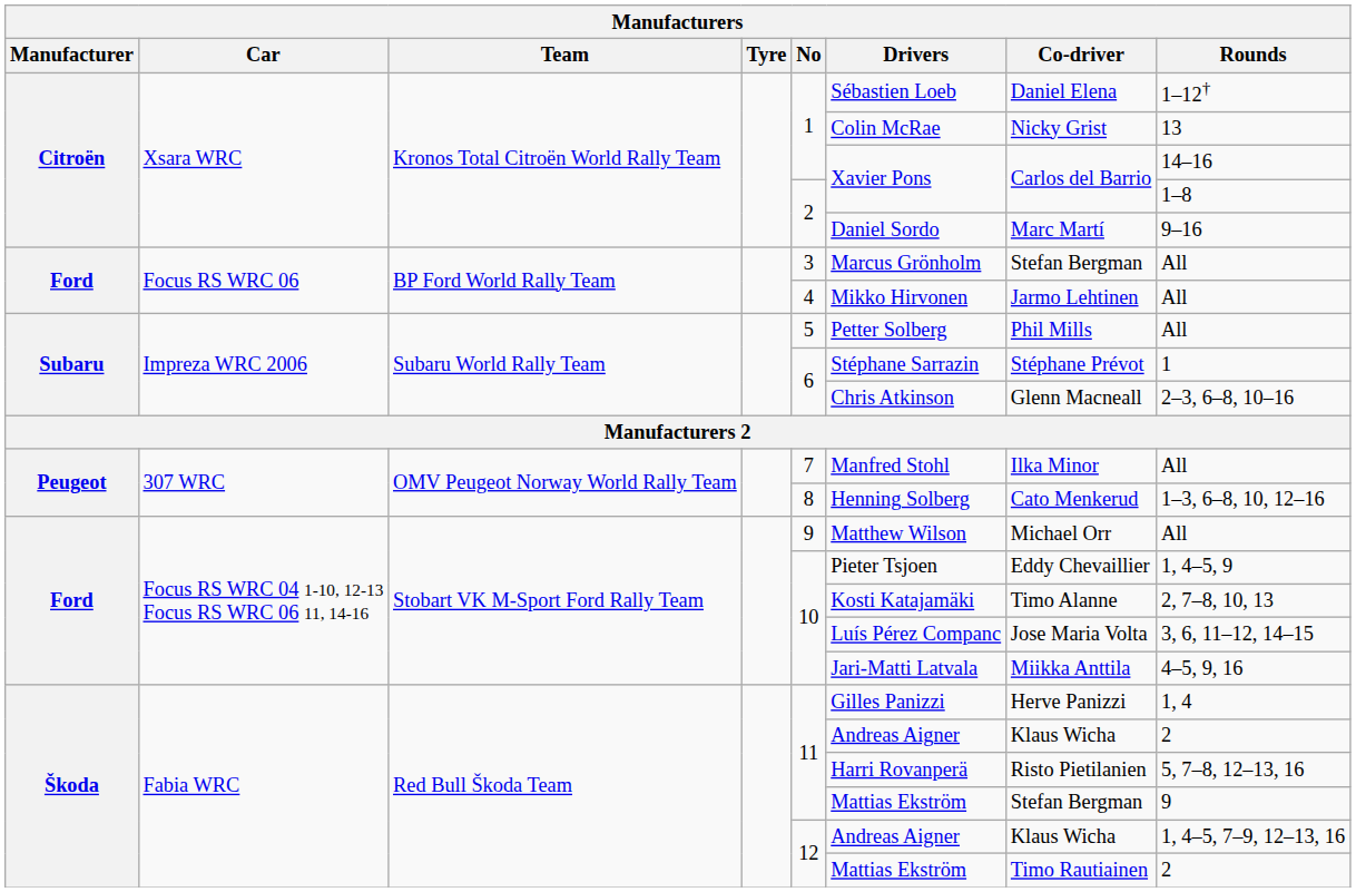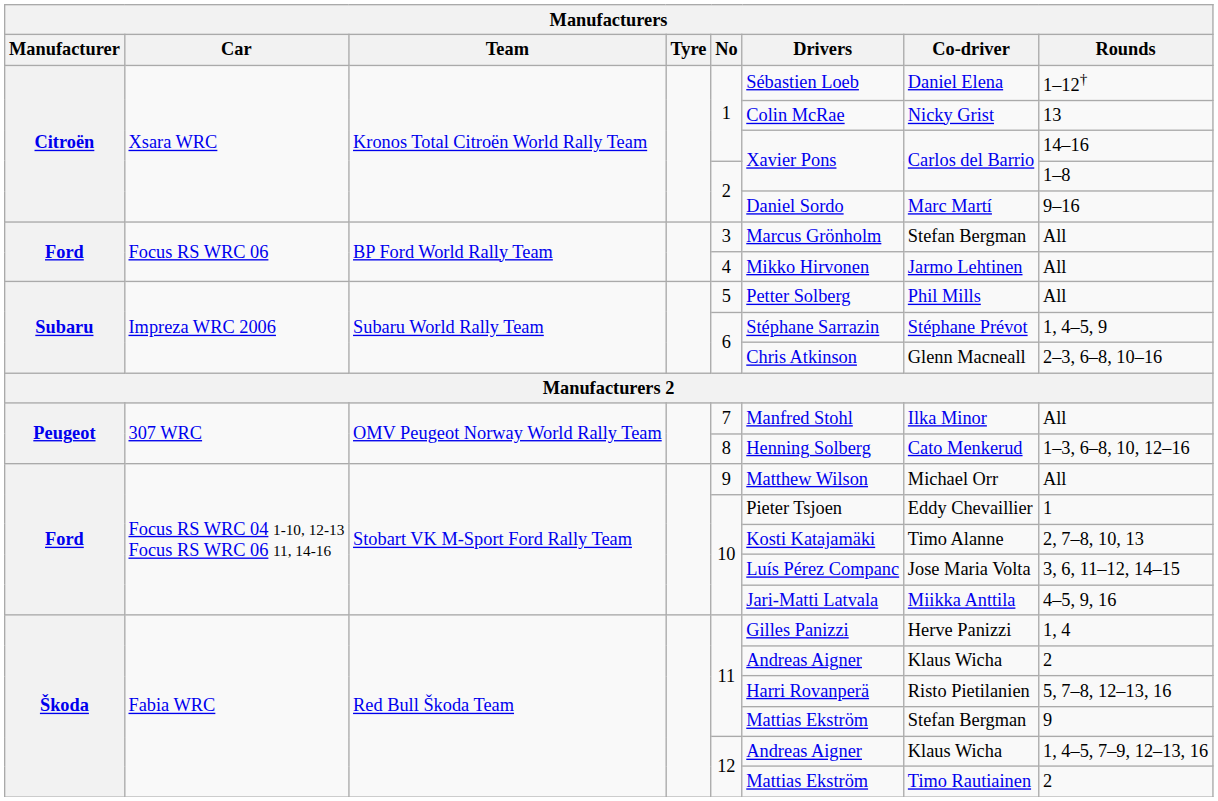 <table class="wikitable" style="font-size: 85%">
 <tr>
 <th colspan=10>Manufacturers</th>
 </tr>
 <tr>
 <th>Manufacturer</th>
 <th>Car</th>
 <th>Team</th>
 <th>Tyre</th>
 <th>No</th>
 <th>Drivers</th>
 <th>Co-driver</th>
 <th>Rounds</th>
 </tr>
 <tr>
 <th rowspan="5"><a href='#'>Citroën</a></th>
 <td rowspan="5"><a href='#'>Xsara WRC</a></td>
 <td rowspan="5"> <a href='#'>Kronos Total Citroën World Rally Team</a></td>
 <td rowspan="5" align="center"></td>
 <td align="center" rowspan="3">1</td>
 <td> <a href='#'>Sébastien Loeb</a></td>
 <td> <a href='#'>Daniel Elena</a></td>
 <td>1–12<sup>†</sup></td>
 </tr>
 <tr>
 <td> <a href='#'>Colin McRae</a></td>
 <td> <a href='#'>Nicky Grist</a></td>
 <td>13</td>
 </tr>
 <tr>
 <td rowspan=2> <a href='#'>Xavier Pons</a></td>
 <td rowspan="2"> <a href='#'>Carlos del Barrio</a></td>
 <td>14–16</td>
 </tr>
 <tr>
 <td align="center" rowspan="2">2</td>
 <td>1–8</td>
 </tr>
 <tr>
 <td> <a href='#'>Daniel Sordo</a></td>
 <td> <a href='#'>Marc Martí</a></td>
 <td>9–16</td>
 </tr>
 <tr>
 <th rowspan="2"><a href='#'>Ford</a></th>
 <td rowspan="2"><a href='#'>Focus RS WRC 06</a></td>
 <td rowspan="2"> <a href='#'>BP Ford World Rally Team</a></td>
 <td rowspan="2" align="center"></td>
 <td align="center">3</td>
 <td> <a href='#'>Marcus Grönholm</a></td>
 <td> Stefan Bergman</td>
 <td>All</td>
 </tr>
 <tr>
 <td align="center">4</td>
 <td> <a href='#'>Mikko Hirvonen</a></td>
 <td> <a href='#'>Jarmo Lehtinen</a></td>
 <td>All</td>
 </tr>
 <tr>
 <th rowspan="3"><a href='#'>Subaru</a></th>
 <td rowspan="3"><a href='#'>Impreza WRC 2006</a></td>
 <td rowspan="3"> <a href='#'>Subaru World Rally Team</a></td>
 <td rowspan="3" align="center"></td>
 <td align="center">5</td>
 <td> <a href='#'>Petter Solberg</a></td>
 <td> <a href='#'>Phil Mills</a></td>
 <td>All</td>
 </tr>
 <tr>
 <td align="center" rowspan="2">6</td>
 <td> <a href='#'>Stéphane Sarrazin</a></td>
 <td nowrap> <a href='#'>Stéphane Prévot</a></td>
-<td>1</td>
+<td>1, 4–5, 9</td>
 </tr>
 <tr>
 <td> <a href='#'>Chris Atkinson</a></td>
 <td> Glenn Macneall</td>
 <td>2–3, 6–8, 10–16</td>
 </tr>
 <tr>
 <th colspan="11">Manufacturers 2</th>
 </tr>
 <tr>
 <th rowspan="2"><a href='#'>Peugeot</a></th>
 <td rowspan="2"><a href='#'>307 WRC</a></td>
 <td rowspan="2" nowrap> <a href='#'>OMV Peugeot Norway World Rally Team</a></td>
 <td rowspan="2" align="center"></td>
 <td align="center">7</td>
 <td> <a href='#'>Manfred Stohl</a></td>
 <td> <a href='#'>Ilka Minor</a></td>
 <td>All</td>
 </tr>
 <tr>
 <td align="center">8</td>
 <td> <a href='#'>Henning Solberg</a></td>
 <td> <a href='#'>Cato Menkerud</a></td>
 <td nowrap>1–3, 6–8, 10, 12–16</td>
 </tr>
 <tr>
 <th rowspan="5"><a href='#'>Ford</a></th>
 <td rowspan="5" nowrap><a href='#'>Focus RS WRC 04</a> <small>1-10, 12-13</small><br><a href='#'>Focus RS WRC 06</a> <small>11, 14-16</small></td>
 <td rowspan="5"> <a href='#'>Stobart VK M-Sport Ford Rally Team</a></td>
 <td rowspan="5" align="center"></td>
 <td align="center">9</td>
 <td> <a href='#'>Matthew Wilson</a></td>
 <td> Michael Orr</td>
 <td>All</td>
 </tr>
 <tr>
 <td align="center" rowspan="4">10</td>
 <td> Pieter Tsjoen</td>
 <td> Eddy Chevaillier</td>
-<td>1, 4–5, 9</td>
+<td>1</td>
 </tr>
 <tr>
 <td> <a href='#'>Kosti Katajamäki</a></td>
 <td> Timo Alanne</td>
 <td>2, 7–8, 10, 13</td>
 </tr>
 <tr>
 <td nowrap> <a href='#'>Luís Pérez Companc</a></td>
 <td nowrap> Jose Maria Volta</td>
 <td nowrap>3, 6, 11–12, 14–15</td>
 </tr>
 <tr>
 <td> <a href='#'>Jari-Matti Latvala</a></td>
 <td> <a href='#'>Miikka Anttila</a></td>
 <td>4–5, 9, 16</td>
 </tr>
 <tr>
 <th rowspan="6"><a href='#'>Škoda</a></th>
 <td rowspan="6"><a href='#'>Fabia WRC</a></td>
 <td rowspan="6"> <a href='#'>Red Bull Škoda Team</a></td>
 <td rowspan="6" align="center"></td>
 <td align="center" rowspan="4">11</td>
 <td> <a href='#'>Gilles Panizzi</a></td>
 <td> Herve Panizzi</td>
 <td>1, 4</td>
 </tr>
 <tr>
 <td> <a href='#'>Andreas Aigner</a></td>
 <td> Klaus Wicha</td>
 <td>2</td>
 </tr>
 <tr>
 <td> <a href='#'>Harri Rovanperä</a></td>
 <td> Risto Pietilanien</td>
 <td>5, 7–8, 12–13, 16</td>
 </tr>
 <tr>
 <td> <a href='#'>Mattias Ekström</a></td>
 <td> Stefan Bergman</td>
 <td>9</td>
 </tr>
 <tr>
 <td align="center" rowspan="2">12</td>
 <td> <a href='#'>Andreas Aigner</a></td>
 <td> Klaus Wicha</td>
 <td nowrap>1, 4–5, 7–9, 12–13, 16</td>
 </tr>
 <tr>
 <td> <a href='#'>Mattias Ekström</a></td>
 <td> <a href='#'>Timo Rautiainen</a></td>
 <td>2</td>
 </tr>
 </table>
